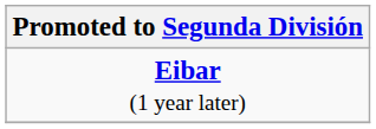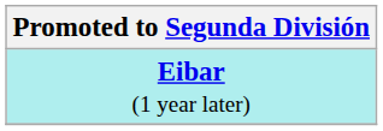 <table class="wikitable" style="text-align: center; margin: 0 auto;">
 <tr>
 <th colspan="2">Promoted to <a href='#'>Segunda División</a></th>
 </tr>
 <tr>
-<td><strong><a href='#'>Eibar</a></strong><br><small>(1 year later)</small></td>
+<td style="background: paleturquoise;"><strong><a href='#'>Eibar</a></strong><br><small>(1 year later)</small></td>
 </tr>
 <tr>
 </tr>
 </table>
